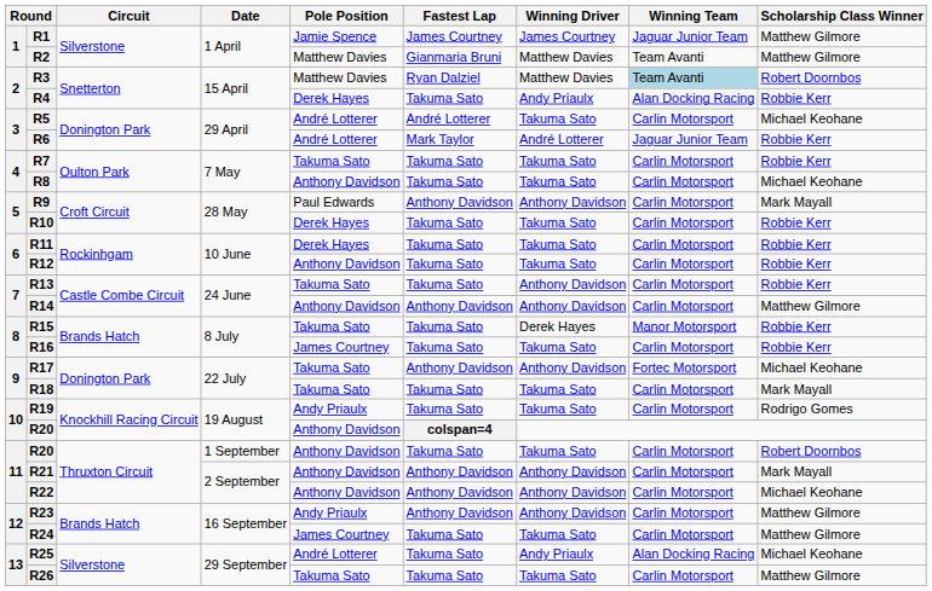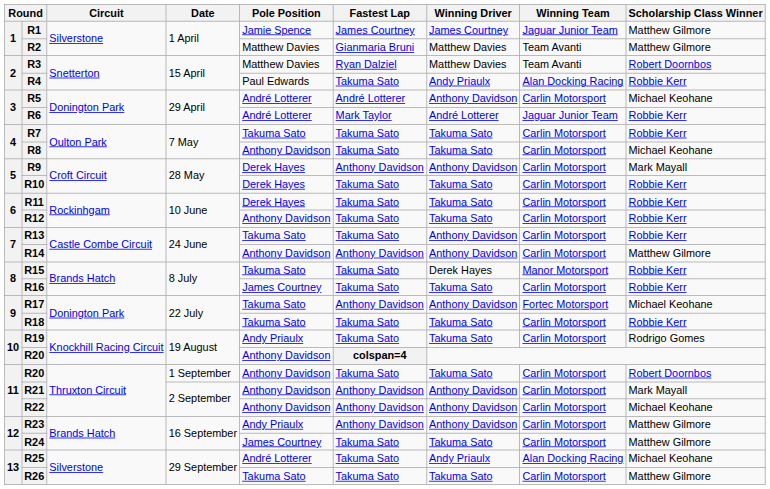 <table class="wikitable" style="font-size: 85%">
 <tr>
 <th colspan=2>Round</th>
 <th nowrap>Circuit</th>
 <th nowrap>Date</th>
 <th nowrap>Pole Position</th>
 <th nowrap>Fastest Lap</th>
 <th nowrap>Winning Driver</th>
 <th nowrap>Winning Team</th>
 <th nowrap>Scholarship Class Winner</th>
 </tr>
 <tr>
 <th rowspan=2>1</th>
 <th>R1</th>
 <td rowspan=2> <a href='#'>Silverstone</a></td>
 <td rowspan=2>1 April</td>
 <td> <a href='#'>Jamie Spence</a></td>
 <td> <a href='#'>James Courtney</a></td>
 <td> <a href='#'>James Courtney</a></td>
 <td><a href='#'>Jaguar Junior Team</a></td>
 <td> Matthew Gilmore</td>
 </tr>
 <tr>
 <th>R2</th>
 <td> Matthew Davies</td>
 <td> <a href='#'>Gianmaria Bruni</a></td>
 <td> Matthew Davies</td>
 <td>Team Avanti</td>
 <td> Matthew Gilmore</td>
 </tr>
 <tr>
 <th rowspan=2>2</th>
 <th>R3</th>
 <td rowspan=2> <a href='#'>Snetterton</a></td>
 <td rowspan=2>15 April</td>
 <td> Matthew Davies</td>
 <td> <a href='#'>Ryan Dalziel</a></td>
 <td> Matthew Davies</td>
-<td style="background: lightblue;">Team Avanti</td>
+<td>Team Avanti</td>
 <td> <a href='#'>Robert Doornbos</a></td>
 </tr>
 <tr>
 <th>R4</th>
-<td> <a href='#'>Derek Hayes</a></td>
+<td> Paul Edwards</td>
 <td> <a href='#'>Takuma Sato</a></td>
 <td> <a href='#'>Andy Priaulx</a></td>
 <td nowrap><a href='#'>Alan Docking Racing</a></td>
 <td> <a href='#'>Robbie Kerr</a></td>
 </tr>
 <tr>
 <th rowspan=2>3</th>
 <th>R5</th>
 <td rowspan=2> <a href='#'>Donington Park</a></td>
 <td rowspan=2>29 April</td>
 <td> <a href='#'>André Lotterer</a></td>
 <td> <a href='#'>André Lotterer</a></td>
-<td> <a href='#'>Takuma Sato</a></td>
+<td> <a href='#'>Anthony Davidson</a></td>
 <td><a href='#'>Carlin Motorsport</a></td>
 <td> Michael Keohane</td>
 </tr>
 <tr>
 <th>R6</th>
 <td> <a href='#'>André Lotterer</a></td>
 <td> <a href='#'>Mark Taylor</a></td>
 <td> <a href='#'>André Lotterer</a></td>
 <td><a href='#'>Jaguar Junior Team</a></td>
 <td> <a href='#'>Robbie Kerr</a></td>
 </tr>
 <tr>
 <th rowspan=2>4</th>
 <th>R7</th>
 <td rowspan=2> <a href='#'>Oulton Park</a></td>
 <td rowspan=2>7 May</td>
 <td> <a href='#'>Takuma Sato</a></td>
 <td> <a href='#'>Takuma Sato</a></td>
 <td> <a href='#'>Takuma Sato</a></td>
 <td><a href='#'>Carlin Motorsport</a></td>
 <td> <a href='#'>Robbie Kerr</a></td>
 </tr>
 <tr>
 <th>R8</th>
 <td> <a href='#'>Anthony Davidson</a></td>
 <td> <a href='#'>Takuma Sato</a></td>
 <td> <a href='#'>Takuma Sato</a></td>
 <td><a href='#'>Carlin Motorsport</a></td>
 <td> Michael Keohane</td>
 </tr>
 <tr>
 <th rowspan=2>5</th>
 <th>R9</th>
 <td rowspan=2> <a href='#'>Croft Circuit</a></td>
 <td rowspan=2>28 May</td>
-<td> Paul Edwards</td>
+<td> <a href='#'>Derek Hayes</a></td>
 <td> <a href='#'>Anthony Davidson</a></td>
 <td> <a href='#'>Anthony Davidson</a></td>
 <td><a href='#'>Carlin Motorsport</a></td>
 <td> Mark Mayall</td>
 </tr>
 <tr>
 <th>R10</th>
 <td> <a href='#'>Derek Hayes</a></td>
 <td> <a href='#'>Takuma Sato</a></td>
 <td> <a href='#'>Takuma Sato</a></td>
 <td><a href='#'>Carlin Motorsport</a></td>
 <td> <a href='#'>Robbie Kerr</a></td>
 </tr>
 <tr>
 <th rowspan=2>6</th>
 <th>R11</th>
 <td rowspan=2> <a href='#'>Rockinhgam</a></td>
 <td rowspan=2>10 June</td>
 <td> <a href='#'>Derek Hayes</a></td>
 <td> <a href='#'>Takuma Sato</a></td>
 <td> <a href='#'>Takuma Sato</a></td>
 <td><a href='#'>Carlin Motorsport</a></td>
 <td> <a href='#'>Robbie Kerr</a></td>
 </tr>
 <tr>
 <th>R12</th>
 <td> <a href='#'>Anthony Davidson</a></td>
 <td> <a href='#'>Takuma Sato</a></td>
 <td> <a href='#'>Takuma Sato</a></td>
 <td><a href='#'>Carlin Motorsport</a></td>
 <td> <a href='#'>Robbie Kerr</a></td>
 </tr>
 <tr>
 <th rowspan=2>7</th>
 <th>R13</th>
 <td rowspan=2> <a href='#'>Castle Combe Circuit</a></td>
 <td rowspan=2>24 June</td>
 <td> <a href='#'>Takuma Sato</a></td>
 <td> <a href='#'>Takuma Sato</a></td>
 <td> <a href='#'>Anthony Davidson</a></td>
 <td><a href='#'>Carlin Motorsport</a></td>
 <td> <a href='#'>Robbie Kerr</a></td>
 </tr>
 <tr>
 <th>R14</th>
 <td> <a href='#'>Anthony Davidson</a></td>
 <td> <a href='#'>Anthony Davidson</a></td>
 <td> <a href='#'>Anthony Davidson</a></td>
 <td><a href='#'>Carlin Motorsport</a></td>
 <td> Matthew Gilmore</td>
 </tr>
 <tr>
 <th rowspan=2>8</th>
 <th>R15</th>
 <td rowspan=2> <a href='#'>Brands Hatch</a></td>
 <td rowspan=2>8 July</td>
 <td> <a href='#'>Takuma Sato</a></td>
 <td> <a href='#'>Takuma Sato</a></td>
 <td> Derek Hayes</td>
 <td><a href='#'>Manor Motorsport</a></td>
 <td> <a href='#'>Robbie Kerr</a></td>
 </tr>
 <tr>
 <th>R16</th>
 <td> <a href='#'>James Courtney</a></td>
 <td> <a href='#'>Takuma Sato</a></td>
 <td> <a href='#'>Takuma Sato</a></td>
 <td><a href='#'>Carlin Motorsport</a></td>
 <td> <a href='#'>Robbie Kerr</a></td>
 </tr>
 <tr>
 <th rowspan=2>9</th>
 <th>R17</th>
 <td rowspan=2> <a href='#'>Donington Park</a></td>
 <td rowspan=2>22 July</td>
 <td> <a href='#'>Takuma Sato</a></td>
 <td> <a href='#'>Anthony Davidson</a></td>
 <td> <a href='#'>Anthony Davidson</a></td>
 <td><a href='#'>Fortec Motorsport</a></td>
 <td> Michael Keohane</td>
 </tr>
 <tr>
 <th>R18</th>
 <td> <a href='#'>Takuma Sato</a></td>
 <td> <a href='#'>Takuma Sato</a></td>
 <td> <a href='#'>Takuma Sato</a></td>
 <td><a href='#'>Carlin Motorsport</a></td>
-<td> Mark Mayall</td>
+<td> <a href='#'>Robbie Kerr</a></td>
 </tr>
 <tr>
 <th rowspan=2>10</th>
 <th>R19</th>
 <td rowspan=2 nowrap> <a href='#'>Knockhill Racing Circuit</a></td>
 <td rowspan=2>19 August</td>
 <td> <a href='#'>Andy Priaulx</a></td>
 <td> <a href='#'>Takuma Sato</a></td>
 <td> <a href='#'>Takuma Sato</a></td>
 <td><a href='#'>Carlin Motorsport</a></td>
 <td> Rodrigo Gomes</td>
 </tr>
 <tr>
 <th>R20</th>
 <td> <a href='#'>Anthony Davidson</a></td>
 <th>colspan=4 </th>
 </tr>
 <tr>
 <th rowspan=3>11</th>
 <th>R20</th>
 <td rowspan=3> <a href='#'>Thruxton Circuit</a></td>
 <td>1 September</td>
 <td> <a href='#'>Anthony Davidson</a></td>
 <td> <a href='#'>Takuma Sato</a></td>
 <td> <a href='#'>Takuma Sato</a></td>
 <td><a href='#'>Carlin Motorsport</a></td>
 <td> <a href='#'>Robert Doornbos</a></td>
 </tr>
 <tr>
 <th>R21</th>
 <td rowspan=2>2 September</td>
 <td> <a href='#'>Anthony Davidson</a></td>
 <td> <a href='#'>Anthony Davidson</a></td>
 <td> <a href='#'>Anthony Davidson</a></td>
 <td><a href='#'>Carlin Motorsport</a></td>
 <td> Mark Mayall</td>
 </tr>
 <tr>
 <th>R22</th>
 <td> <a href='#'>Anthony Davidson</a></td>
 <td> <a href='#'>Anthony Davidson</a></td>
 <td> <a href='#'>Anthony Davidson</a></td>
 <td><a href='#'>Carlin Motorsport</a></td>
 <td> Michael Keohane</td>
 </tr>
 <tr>
 <th rowspan=2>12</th>
 <th>R23</th>
 <td rowspan=2> <a href='#'>Brands Hatch</a></td>
 <td rowspan=2>16 September</td>
 <td> <a href='#'>Andy Priaulx</a></td>
 <td nowrap> <a href='#'>Anthony Davidson</a></td>
 <td nowrap> <a href='#'>Anthony Davidson</a></td>
 <td><a href='#'>Carlin Motorsport</a></td>
 <td> Matthew Gilmore</td>
 </tr>
 <tr>
 <th>R24</th>
 <td> <a href='#'>James Courtney</a></td>
 <td> <a href='#'>Takuma Sato</a></td>
 <td> <a href='#'>Takuma Sato</a></td>
 <td><a href='#'>Carlin Motorsport</a></td>
 <td> Matthew Gilmore</td>
 </tr>
 <tr>
 <th rowspan=2>13</th>
 <th>R25</th>
 <td rowspan=2> <a href='#'>Silverstone</a></td>
 <td rowspan=2 nowrap>29 September</td>
 <td> <a href='#'>André Lotterer</a></td>
 <td> <a href='#'>Takuma Sato</a></td>
 <td> <a href='#'>Andy Priaulx</a></td>
 <td><a href='#'>Alan Docking Racing</a></td>
 <td> Michael Keohane</td>
 </tr>
 <tr>
 <th>R26</th>
 <td> <a href='#'>Takuma Sato</a></td>
 <td> <a href='#'>Takuma Sato</a></td>
 <td> <a href='#'>Takuma Sato</a></td>
 <td><a href='#'>Carlin Motorsport</a></td>
 <td> Matthew Gilmore</td>
 </tr>
 </table>
